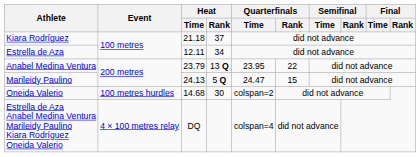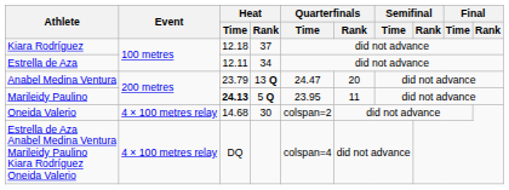 <table class="wikitable" style="font-size:90%">
 <tr>
 <th rowspan="2">Athlete</th>
 <th rowspan="2">Event</th>
 <th colspan="2">Heat</th>
 <th colspan="2">Quarterfinals</th>
 <th colspan="2">Semifinal</th>
 <th colspan="2">Final</th>
 </tr>
 <tr>
 <th>Time</th>
 <th>Rank</th>
 <th>Time</th>
 <th>Rank</th>
 <th>Time</th>
 <th>Rank</th>
 <th>Time</th>
 <th>Rank</th>
 </tr>
 <tr style=text-align:center>
 <td style=text-align:left><a href='#'>Kiara Rodríguez</a></td>
 <td align=left rowspan = 2><a href='#'>100 metres</a></td>
-<td>21.18</td>
+<td>12.18</td>
 <td>37</td>
 <td colspan=6>did not advance</td>
 </tr>
 <tr style=text-align:center>
 <td style=text-align:left><a href='#'>Estrella de Aza</a></td>
 <td>12.11</td>
 <td>34</td>
 <td colspan=6>did not advance</td>
 </tr>
 <tr style=text-align:center>
 <td style=text-align:left><a href='#'>Anabel Medina Ventura</a></td>
 <td align=left rowspan = 2><a href='#'>200 metres</a></td>
 <td>23.79</td>
 <td>13 <strong>Q</strong></td>
-<td>23.95</td>
-<td>22</td>
+<td>24.47</td>
+<td>20</td>
 <td colspan=4>did not advance</td>
 </tr>
 <tr style=text-align:center>
 <td style=text-align:left><a href='#'>Marileidy Paulino</a></td>
-<td>24.13</td>
+<td><strong>24.13</strong></td>
 <td>5 <strong>Q</strong></td>
-<td>24.47</td>
-<td>15</td>
+<td>23.95</td>
+<td>11</td>
 <td colspan=4>did not advance</td>
 </tr>
 <tr style=text-align:center>
 <td style=text-align:left><a href='#'>Oneida Valerio</a></td>
-<td style=text-align:left><a href='#'>100 metres hurdles</a></td>
+<td style=text-align:left><a href='#'>4 × 100 metres relay</a></td>
 <td>14.68</td>
 <td>30</td>
 <td>colspan=2 </td>
 <td colspan=4>did not advance</td>
 </tr>
 <tr style=text-align:center>
 <td style=text-align:left><a href='#'>Estrella de Aza</a><br><a href='#'>Anabel Medina Ventura</a><br><a href='#'>Marileidy Paulino</a><br><a href='#'>Kiara Rodríguez</a><br><a href='#'>Oneida Valerio</a></td>
 <td style=text-align:left><a href='#'>4 × 100 metres relay</a></td>
 <td>DQ</td>
 <td></td>
 <td>colspan=4 </td>
 <td colspan=2>did not advance</td>
 </tr>
 </table>
